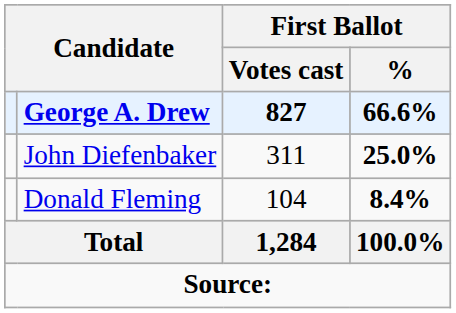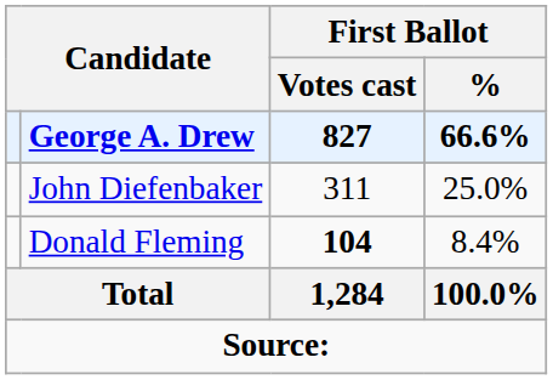 <table class="wikitable">
 <tr>
 <th rowspan="2" colspan="2">Candidate</th>
 <th colspan = "2">First Ballot</th>
 </tr>
 <tr>
 <th>Votes cast</th>
 <th>%</th>
 </tr>
 <tr style="background:#E6F2FF">
 <td></td>
 <td><strong><a href='#'>George A. Drew</a></strong></td>
 <td align = "center"><strong>827</strong></td>
 <td align = "center"><strong>66.6%</strong></td>
 </tr>
 <tr>
 <td></td>
 <td><a href='#'>John Diefenbaker</a></td>
 <td align = "center">311</td>
-<td align = "center"><strong>25.0%</strong></td>
+<td align = "center">25.0%</td>
 </tr>
 <tr>
 <td></td>
 <td><a href='#'>Donald Fleming</a></td>
-<td align = "center">104</td>
-<td align = "center"><strong>8.4%</strong></td>
+<td align = "center"><strong>104</strong></td>
+<td align = "center">8.4%</td>
 </tr>
 <tr>
 <th colspan = "2">Total</th>
 <th align = "center">1,284</th>
 <th align = "center">100.0%</th>
 </tr>
 <tr>
 <td align="center" colspan=12><strong>Source:</strong>  </td>
 </tr>
 </table>
